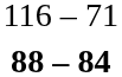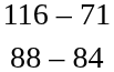 <table style="text-align:center;">
 <tr>
 <th width=200></th>
 <th width=100></th>
 <th width=200></th>
 <th></th>
 </tr>
 <tr>
 <td align=right><strong></strong></td>
 <td>116 – 71</td>
 <td align=left></td>
 </tr>
 <tr>
 <td align=right><strong></strong></td>
-<td><strong>88 – 84</strong></td>
+<td>88 – 84</td>
 <td align=left></td>
 </tr>
 </table>
